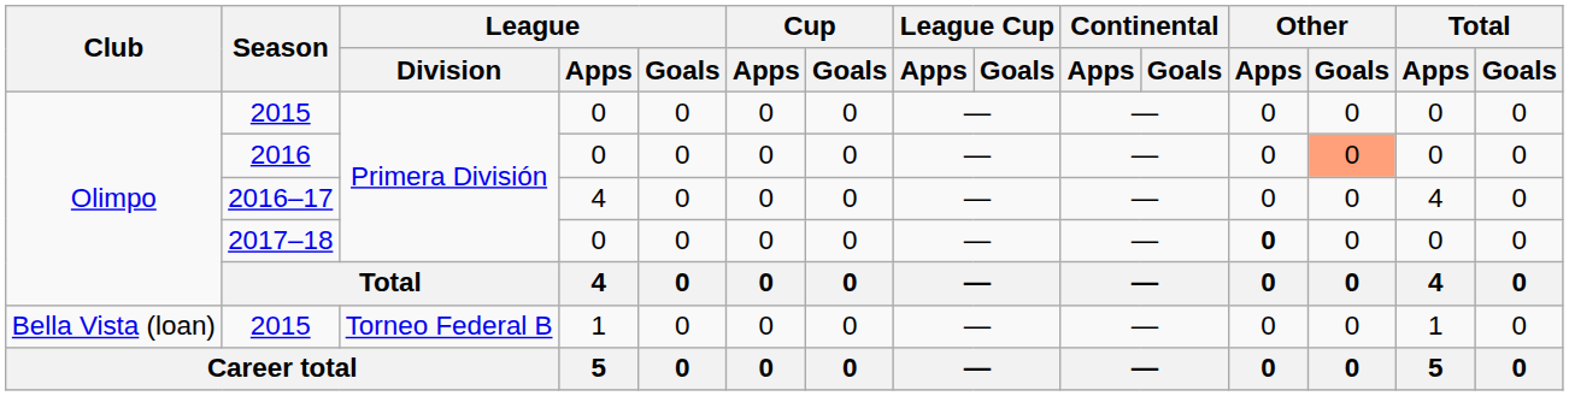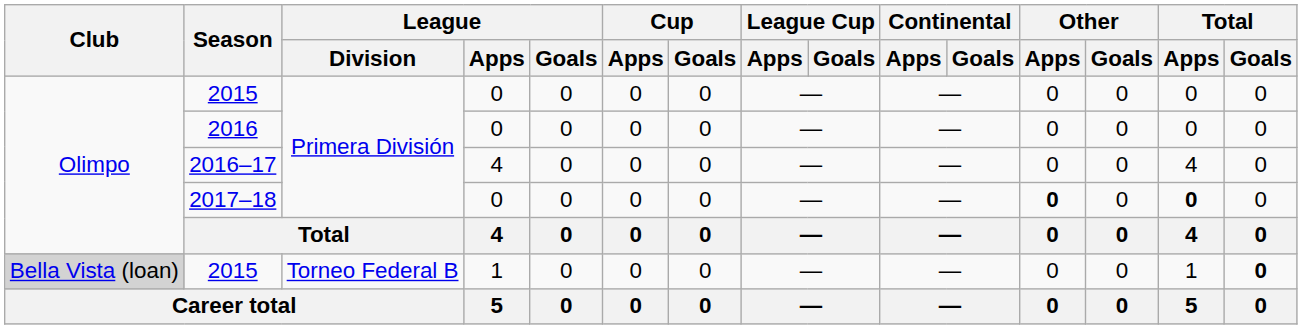 <table class="wikitable" style="text-align:center">
 <tr>
 <th rowspan="2">Club</th>
 <th rowspan="2">Season</th>
 <th colspan="3">League</th>
 <th colspan="2">Cup</th>
 <th colspan="2">League Cup</th>
 <th colspan="2">Continental</th>
 <th colspan="2">Other</th>
 <th colspan="2">Total</th>
 </tr>
 <tr>
 <th>Division</th>
 <th>Apps</th>
 <th>Goals</th>
 <th>Apps</th>
 <th>Goals</th>
 <th>Apps</th>
 <th>Goals</th>
 <th>Apps</th>
 <th>Goals</th>
 <th>Apps</th>
 <th>Goals</th>
 <th>Apps</th>
 <th>Goals</th>
 </tr>
 <tr>
 <td rowspan="5"><a href='#'>Olimpo</a></td>
 <td><a href='#'>2015</a></td>
 <td rowspan="4"><a href='#'>Primera División</a></td>
 <td>0</td>
 <td>0</td>
 <td>0</td>
 <td>0</td>
 <td colspan="2">—</td>
 <td colspan="2">—</td>
 <td>0</td>
 <td>0</td>
 <td>0</td>
 <td>0</td>
 </tr>
 <tr>
 <td><a href='#'>2016</a></td>
 <td>0</td>
 <td>0</td>
 <td>0</td>
 <td>0</td>
 <td colspan="2">—</td>
 <td colspan="2">—</td>
 <td>0</td>
-<td style="background: lightsalmon;">0</td>
+<td>0</td>
 <td>0</td>
 <td>0</td>
 </tr>
 <tr>
 <td><a href='#'>2016–17</a></td>
 <td>4</td>
 <td>0</td>
 <td>0</td>
 <td>0</td>
 <td colspan="2">—</td>
 <td colspan="2">—</td>
 <td>0</td>
 <td>0</td>
 <td>4</td>
 <td>0</td>
 </tr>
 <tr>
 <td><a href='#'>2017–18</a></td>
 <td>0</td>
 <td>0</td>
 <td>0</td>
 <td>0</td>
 <td colspan="2">—</td>
 <td colspan="2">—</td>
 <td><strong>0</strong></td>
 <td>0</td>
-<td>0</td>
+<td><strong>0</strong></td>
 <td>0</td>
 </tr>
 <tr>
 <th colspan="2">Total</th>
 <th>4</th>
 <th>0</th>
 <th>0</th>
 <th>0</th>
 <th colspan="2">—</th>
 <th colspan="2">—</th>
 <th>0</th>
 <th>0</th>
 <th>4</th>
 <th>0</th>
 </tr>
 <tr>
-<td rowspan="1"><a href='#'>Bella Vista</a> (loan)</td>
+<td rowspan="1" style="background: lightgrey;"><a href='#'>Bella Vista</a> (loan)</td>
 <td><a href='#'>2015</a></td>
 <td rowspan="1"><a href='#'>Torneo Federal B</a></td>
 <td>1</td>
 <td>0</td>
 <td>0</td>
 <td>0</td>
 <td colspan="2">—</td>
 <td colspan="2">—</td>
 <td>0</td>
 <td>0</td>
 <td>1</td>
-<td>0</td>
+<td><strong>0</strong></td>
 </tr>
 <tr>
 <th colspan="3">Career total</th>
 <th>5</th>
 <th>0</th>
 <th>0</th>
 <th>0</th>
 <th colspan="2">—</th>
 <th colspan="2">—</th>
 <th>0</th>
 <th>0</th>
 <th>5</th>
 <th>0</th>
 </tr>
 </table>
